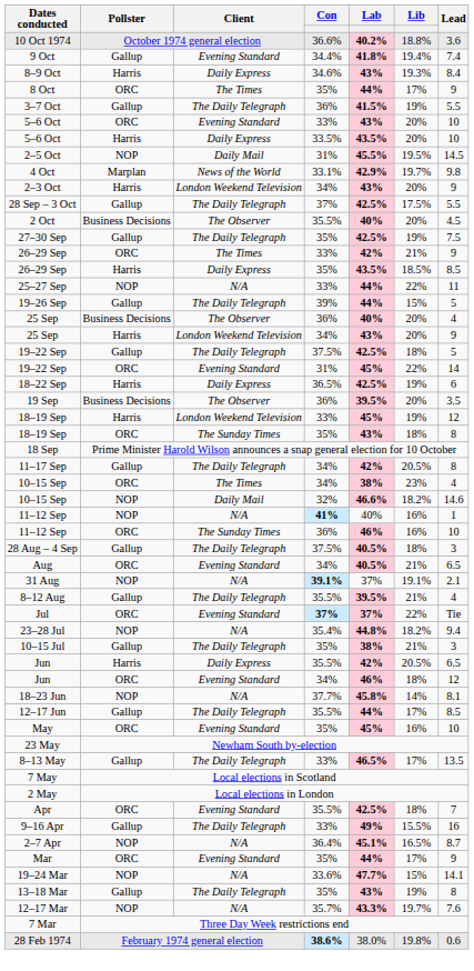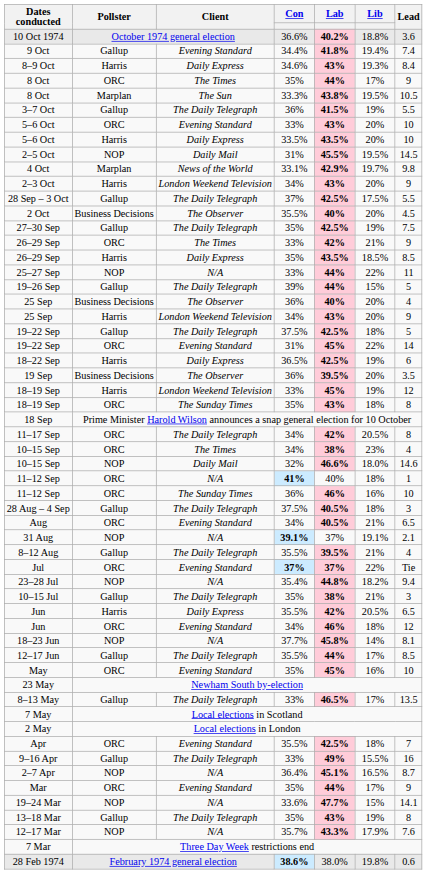 <table class="wikitable sortable mw-datatable" style="text-align:center;font-size:90%;line-height:14px;">
 <tr>
 <th rowspan="2">Dates<br>conducted</th>
 <th rowspan="2">Pollster</th>
 <th rowspan="2">Client</th>
 <th class="unsortable" style="width:50px;"><a href='#'>Con</a></th>
 <th class="unsortable" style="width:50px;"><a href='#'>Lab</a></th>
 <th class="unsortable" style="width:50px;"><a href='#'>Lib</a></th>
 <th rowspan="2">Lead</th>
 </tr>
 <tr>
 <th style="background:"></th>
 <th style="background:"></th>
 <th style="background:"></th>
 </tr>
 <tr style="background:#e9e9e9;">
 <td>10 Oct 1974</td>
 <td colspan="2"><a href='#'>October 1974 general election</a></td>
 <td>36.6%</td>
 <td style="background:#ffccd9;"><strong>40.2%</strong></td>
 <td>18.8%</td>
 <td style="background:">3.6</td>
 </tr>
 <tr>
 <td>9 Oct</td>
 <td>Gallup</td>
 <td><em>Evening Standard</em></td>
 <td>34.4%</td>
 <td style="background:#ffccd9;"><strong>41.8%</strong></td>
 <td>19.4%</td>
 <td style="background:">7.4</td>
 </tr>
 <tr>
 <td>8–9 Oct</td>
 <td>Harris</td>
 <td><em>Daily Express</em></td>
 <td>34.6%</td>
 <td style="background:#ffccd9;"><strong>43%</strong></td>
 <td>19.3%</td>
 <td style="background:">8.4</td>
 </tr>
 <tr>
 <td>8 Oct</td>
 <td>ORC</td>
 <td><em>The Times</em></td>
 <td>35%</td>
 <td style="background:#ffccd9;"><strong>44%</strong></td>
 <td>17%</td>
 <td style="background:">9</td>
+</tr>
+<tr>
+<td>8 Oct</td>
+<td>Marplan</td>
+<td><em>The Sun</em></td>
+<td>33.3%</td>
+<td style="background:#ffccd9;"><strong>43.8%</strong></td>
+<td>19.5%</td>
+<td style="background:">10.5</td>
 </tr>
 <tr>
 <td>3–7 Oct</td>
 <td>Gallup</td>
 <td><em>The Daily Telegraph</em></td>
 <td>36%</td>
 <td style="background:#ffccd9;"><strong>41.5%</strong></td>
 <td>19%</td>
 <td style="background:">5.5</td>
 </tr>
 <tr>
 <td>5–6 Oct</td>
 <td>ORC</td>
 <td><em>Evening Standard</em></td>
 <td>33%</td>
 <td style="background:#ffccd9;"><strong>43%</strong></td>
 <td>20%</td>
 <td style="background:">10</td>
 </tr>
 <tr>
 <td>5–6 Oct</td>
 <td>Harris</td>
 <td><em>Daily Express</em></td>
 <td>33.5%</td>
 <td style="background:#ffccd9;"><strong>43.5%</strong></td>
 <td>20%</td>
 <td style="background:">10</td>
 </tr>
 <tr>
 <td>2–5 Oct</td>
 <td>NOP</td>
 <td><em>Daily Mail</em></td>
 <td>31%</td>
 <td style="background:#ffccd9;"><strong>45.5%</strong></td>
 <td>19.5%</td>
 <td style="background:">14.5</td>
 </tr>
 <tr>
 <td>4 Oct</td>
 <td>Marplan</td>
 <td><em>News of the World</em></td>
 <td>33.1%</td>
 <td style="background:#ffccd9;"><strong>42.9%</strong></td>
 <td>19.7%</td>
 <td style="background:">9.8</td>
 </tr>
 <tr>
 <td>2–3 Oct</td>
 <td>Harris</td>
 <td><em>London Weekend Television</em></td>
 <td>34%</td>
 <td style="background:#ffccd9;"><strong>43%</strong></td>
 <td>20%</td>
 <td style="background:">9</td>
 </tr>
 <tr>
 <td>28 Sep – 3 Oct</td>
 <td>Gallup</td>
 <td><em>The Daily Telegraph</em></td>
 <td>37%</td>
 <td style="background:#ffccd9;"><strong>42.5%</strong></td>
 <td>17.5%</td>
 <td style="background:">5.5</td>
 </tr>
 <tr>
 <td>2 Oct</td>
 <td>Business Decisions</td>
 <td><em>The Observer</em></td>
 <td>35.5%</td>
 <td style="background:#ffccd9;"><strong>40%</strong></td>
 <td>20%</td>
 <td style="background:">4.5</td>
 </tr>
 <tr>
 <td>27–30 Sep</td>
 <td>Gallup</td>
 <td><em>The Daily Telegraph</em></td>
 <td>35%</td>
 <td style="background:#ffccd9;"><strong>42.5%</strong></td>
 <td>19%</td>
 <td style="background:">7.5</td>
 </tr>
 <tr>
 <td>26–29 Sep</td>
 <td>ORC</td>
 <td><em>The Times</em></td>
 <td>33%</td>
 <td style="background:#ffccd9;"><strong>42%</strong></td>
 <td>21%</td>
 <td style="background:">9</td>
 </tr>
 <tr>
 <td>26–29 Sep</td>
 <td>Harris</td>
 <td><em>Daily Express</em></td>
 <td>35%</td>
 <td style="background:#ffccd9;"><strong>43.5%</strong></td>
 <td>18.5%</td>
 <td style="background:">8.5</td>
 </tr>
 <tr>
 <td>25–27 Sep</td>
 <td>NOP</td>
 <td><em>N/A</em></td>
 <td>33%</td>
 <td style="background:#ffccd9;"><strong>44%</strong></td>
 <td>22%</td>
 <td style="background:">11</td>
 </tr>
 <tr>
 <td>19–26 Sep</td>
 <td>Gallup</td>
 <td><em>The Daily Telegraph</em></td>
 <td>39%</td>
 <td style="background:#ffccd9;"><strong>44%</strong></td>
 <td>15%</td>
 <td style="background:">5</td>
 </tr>
 <tr>
 <td>25 Sep</td>
 <td>Business Decisions</td>
 <td><em>The Observer</em></td>
 <td>36%</td>
 <td style="background:#ffccd9;"><strong>40%</strong></td>
 <td>20%</td>
 <td style="background:">4</td>
 </tr>
 <tr>
 <td>25 Sep</td>
 <td>Harris</td>
 <td><em>London Weekend Television</em></td>
 <td>34%</td>
 <td style="background:#ffccd9;"><strong>43%</strong></td>
 <td>20%</td>
 <td style="background:">9</td>
 </tr>
 <tr>
 <td>19–22 Sep</td>
 <td>Gallup</td>
 <td><em>The Daily Telegraph</em></td>
 <td>37.5%</td>
 <td style="background:#ffccd9;"><strong>42.5%</strong></td>
 <td>18%</td>
 <td style="background:">5</td>
 </tr>
 <tr>
 <td>19–22 Sep</td>
 <td>ORC</td>
 <td><em>Evening Standard</em></td>
 <td>31%</td>
 <td style="background:#ffccd9;"><strong>45%</strong></td>
 <td>22%</td>
 <td style="background:">14</td>
 </tr>
 <tr>
 <td>18–22 Sep</td>
 <td>Harris</td>
 <td><em>Daily Express</em></td>
 <td>36.5%</td>
 <td style="background:#ffccd9;"><strong>42.5%</strong></td>
 <td>19%</td>
 <td style="background:">6</td>
 </tr>
 <tr>
 <td>19 Sep</td>
 <td>Business Decisions</td>
 <td><em>The Observer</em></td>
 <td>36%</td>
 <td style="background:#ffccd9;"><strong>39.5%</strong></td>
 <td>20%</td>
 <td style="background:">3.5</td>
 </tr>
 <tr>
 <td>18–19 Sep</td>
 <td>Harris</td>
 <td><em>London Weekend Television</em></td>
 <td>33%</td>
 <td style="background:#ffccd9;"><strong>45%</strong></td>
 <td>19%</td>
 <td style="background:">12</td>
 </tr>
 <tr>
 <td>18–19 Sep</td>
 <td>ORC</td>
 <td><em>The Sunday Times</em></td>
 <td>35%</td>
 <td style="background:#ffccd9;"><strong>43%</strong></td>
 <td>18%</td>
 <td style="background:">8</td>
 </tr>
 <tr>
 <td>18 Sep</td>
 <td colspan="6">Prime Minister <a href='#'>Harold Wilson</a> announces a snap general election for 10 October</td>
 </tr>
 <tr>
 <td>11–17 Sep</td>
-<td>Gallup</td>
+<td>ORC</td>
 <td><em>The Daily Telegraph</em></td>
 <td>34%</td>
 <td style="background:#ffccd9;"><strong>42%</strong></td>
 <td>20.5%</td>
 <td style="background:">8</td>
 </tr>
 <tr>
 <td>10–15 Sep</td>
 <td>ORC</td>
 <td><em>The Times</em></td>
 <td>34%</td>
 <td style="background:#ffccd9;"><strong>38%</strong></td>
 <td>23%</td>
 <td style="background:">4</td>
 </tr>
 <tr>
 <td>10–15 Sep</td>
 <td>NOP</td>
 <td><em>Daily Mail</em></td>
 <td>32%</td>
 <td style="background:#ffccd9;"><strong>46.6%</strong></td>
-<td>18.2%</td>
+<td>18.0%</td>
 <td style="background:">14.6</td>
 </tr>
 <tr>
 <td>11–12 Sep</td>
-<td>NOP</td>
+<td>ORC</td>
 <td><em>N/A</em></td>
 <td style="background:#CCEBFF;"><strong>41%</strong></td>
 <td>40%</td>
-<td>16%</td>
+<td>18%</td>
 <td style="background:">1</td>
 </tr>
 <tr>
 <td>11–12 Sep</td>
 <td>ORC</td>
 <td><em>The Sunday Times</em></td>
 <td>36%</td>
 <td style="background:#ffccd9;"><strong>46%</strong></td>
 <td>16%</td>
 <td style="background:">10</td>
 </tr>
 <tr>
 <td>28 Aug – 4 Sep</td>
 <td>Gallup</td>
 <td><em>The Daily Telegraph</em></td>
 <td>37.5%</td>
 <td style="background:#ffccd9;"><strong>40.5%</strong></td>
 <td>18%</td>
 <td style="background:">3</td>
 </tr>
 <tr>
 <td>Aug</td>
 <td>ORC</td>
 <td><em>Evening Standard</em></td>
 <td>34%</td>
 <td style="background:#ffccd9;"><strong>40.5%</strong></td>
 <td>21%</td>
 <td style="background:">6.5</td>
 </tr>
 <tr>
 <td>31 Aug</td>
 <td>NOP</td>
 <td><em>N/A</em></td>
 <td style="background:#CCEBFF;"><strong>39.1%</strong></td>
 <td>37%</td>
 <td>19.1%</td>
 <td style="background:">2.1</td>
 </tr>
 <tr>
 <td>8–12 Aug</td>
 <td>Gallup</td>
 <td><em>The Daily Telegraph</em></td>
 <td>35.5%</td>
 <td style="background:#ffccd9;"><strong>39.5%</strong></td>
 <td>21%</td>
 <td style="background:">4</td>
 </tr>
 <tr>
 <td>Jul</td>
 <td>ORC</td>
 <td><em>Evening Standard</em></td>
 <td style="background:#CCEBFF;"><strong>37%</strong></td>
 <td style="background:#ffccd9;"><strong>37%</strong></td>
 <td>22%</td>
 <td data-sort-value="0">Tie</td>
 </tr>
 <tr>
 <td>23–28 Jul</td>
 <td>NOP</td>
 <td><em>N/A</em></td>
 <td>35.4%</td>
 <td style="background:#ffccd9;"><strong>44.8%</strong></td>
 <td>18.2%</td>
 <td style="background:">9.4</td>
 </tr>
 <tr>
 <td>10–15 Jul</td>
 <td>Gallup</td>
 <td><em>The Daily Telegraph</em></td>
 <td>35%</td>
 <td style="background:#ffccd9;"><strong>38%</strong></td>
 <td>21%</td>
 <td style="background:">3</td>
 </tr>
 <tr>
 <td>Jun</td>
 <td>Harris</td>
 <td><em>Daily Express</em></td>
 <td>35.5%</td>
 <td style="background:#ffccd9;"><strong>42%</strong></td>
 <td>20.5%</td>
 <td style="background:">6.5</td>
 </tr>
 <tr>
 <td>Jun</td>
 <td>ORC</td>
 <td><em>Evening Standard</em></td>
 <td>34%</td>
 <td style="background:#ffccd9;"><strong>46%</strong></td>
 <td>18%</td>
 <td style="background:">12</td>
 </tr>
 <tr>
 <td>18–23 Jun</td>
 <td>NOP</td>
 <td><em>N/A</em></td>
 <td>37.7%</td>
 <td style="background:#ffccd9;"><strong>45.8%</strong></td>
 <td>14%</td>
 <td style="background:">8.1</td>
 </tr>
 <tr>
 <td>12–17 Jun</td>
 <td>Gallup</td>
 <td><em>The Daily Telegraph</em></td>
 <td>35.5%</td>
 <td style="background:#ffccd9;"><strong>44%</strong></td>
 <td>17%</td>
 <td style="background:">8.5</td>
 </tr>
 <tr>
 <td>May</td>
 <td>ORC</td>
 <td><em>Evening Standard</em></td>
 <td>35%</td>
 <td style="background:#ffccd9;"><strong>45%</strong></td>
 <td>16%</td>
 <td style="background:">10</td>
 </tr>
 <tr>
 <td>23 May</td>
 <td colspan="6"><a href='#'>Newham South by-election</a></td>
 </tr>
 <tr>
 <td>8–13 May</td>
 <td>Gallup</td>
 <td><em>The Daily Telegraph</em></td>
 <td>33%</td>
 <td style="background:#ffccd9;"><strong>46.5%</strong></td>
 <td>17%</td>
 <td style="background:">13.5</td>
 </tr>
 <tr>
 <td>7 May</td>
 <td colspan="6"><a href='#'>Local elections</a> in Scotland</td>
 </tr>
 <tr>
 <td>2 May</td>
 <td colspan="6"><a href='#'>Local elections</a> in London</td>
 </tr>
 <tr>
 <td>Apr</td>
 <td>ORC</td>
 <td><em>Evening Standard</em></td>
 <td>35.5%</td>
 <td style="background:#ffccd9;"><strong>42.5%</strong></td>
 <td>18%</td>
 <td style="background:">7</td>
 </tr>
 <tr>
 <td>9–16 Apr</td>
 <td>Gallup</td>
 <td><em>The Daily Telegraph</em></td>
 <td>33%</td>
 <td style="background:#ffccd9;"><strong>49%</strong></td>
 <td>15.5%</td>
 <td style="background:">16</td>
 </tr>
 <tr>
 <td>2–7 Apr</td>
 <td>NOP</td>
 <td><em>N/A</em></td>
 <td>36.4%</td>
 <td style="background:#ffccd9;"><strong>45.1%</strong></td>
 <td>16.5%</td>
 <td style="background:">8.7</td>
 </tr>
 <tr>
 <td>Mar</td>
 <td>ORC</td>
 <td><em>Evening Standard</em></td>
 <td>35%</td>
 <td style="background:#ffccd9;"><strong>44%</strong></td>
 <td>17%</td>
 <td style="background:">9</td>
 </tr>
 <tr>
 <td>19–24 Mar</td>
 <td>NOP</td>
 <td><em>N/A</em></td>
 <td>33.6%</td>
 <td style="background:#ffccd9;"><strong>47.7%</strong></td>
 <td>15%</td>
 <td style="background:">14.1</td>
 </tr>
 <tr>
 <td>13–18 Mar</td>
 <td>Gallup</td>
 <td><em>The Daily Telegraph</em></td>
 <td>35%</td>
 <td style="background:#ffccd9;"><strong>43%</strong></td>
 <td>19%</td>
 <td style="background:">8</td>
 </tr>
 <tr>
 <td>12–17 Mar</td>
 <td>NOP</td>
 <td><em>N/A</em></td>
 <td>35.7%</td>
 <td style="background:#ffccd9;"><strong>43.3%</strong></td>
-<td>19.7%</td>
+<td>17.9%</td>
 <td style="background:">7.6</td>
 </tr>
 <tr>
 <td>7 Mar</td>
 <td colspan="6"><a href='#'>Three Day Week</a> restrictions end</td>
 </tr>
 <tr style="background:#e9e9e9;">
 <td>28 Feb 1974</td>
 <td colspan="2"><a href='#'>February 1974 general election</a></td>
 <td style="background:#CCEBFF;"><strong>38.6%</strong></td>
 <td>38.0%</td>
 <td>19.8%</td>
 <td style="background:">0.6</td>
 </tr>
 </table>
